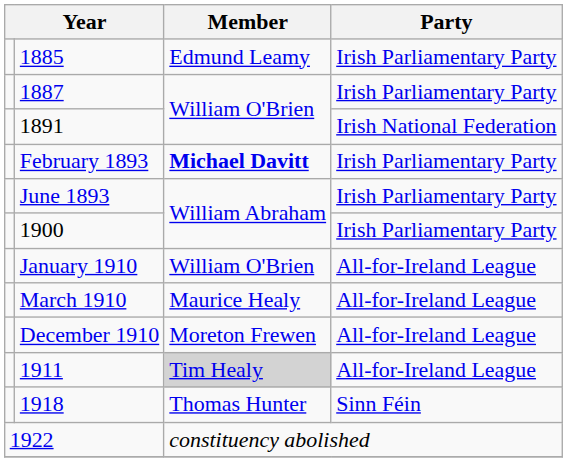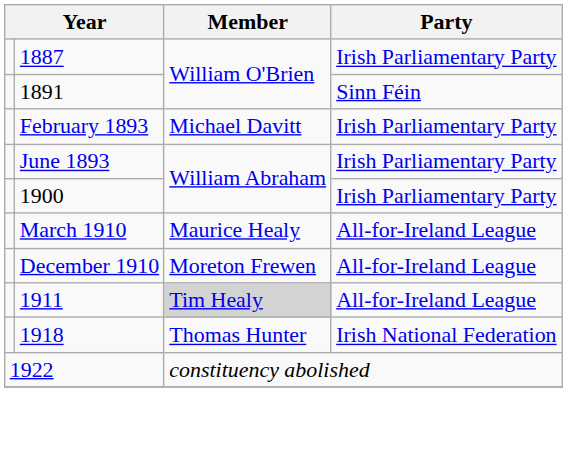 <table class="wikitable">
 <tr>
 <th colspan=2>Year</th>
 <th>Member</th>
 <th>Party</th>
-</tr>
-<tr>
-<td style="color:inherit;background-color: "></td>
-<td><a href='#'>1885</a></td>
-<td><a href='#'>Edmund Leamy</a></td>
-<td><a href='#'>Irish Parliamentary Party</a></td>
 </tr>
 <tr>
 <td style="color:inherit;background-color: "></td>
 <td><a href='#'>1887</a></td>
 <td rowspan="2"><a href='#'>William O'Brien</a></td>
 <td><a href='#'>Irish Parliamentary Party</a></td>
 </tr>
 <tr>
 <td style="color:inherit;background-color: "></td>
 <td>1891</td>
-<td><a href='#'>Irish National Federation</a></td>
+<td><a href='#'>Sinn Féin</a></td>
 </tr>
 <tr>
 <td style="color:inherit;background-color: "></td>
 <td><a href='#'>February 1893</a></td>
-<td><strong><a href='#'>Michael Davitt</a></strong></td>
+<td><a href='#'>Michael Davitt</a></td>
 <td><a href='#'>Irish Parliamentary Party</a></td>
 </tr>
 <tr>
 <td style="color:inherit;background-color: "></td>
 <td><a href='#'>June 1893</a></td>
 <td rowspan="2"><a href='#'>William Abraham</a></td>
 <td><a href='#'>Irish Parliamentary Party</a></td>
 </tr>
 <tr>
 <td style="color:inherit;background-color: "></td>
 <td>1900</td>
 <td><a href='#'>Irish Parliamentary Party</a></td>
-</tr>
-<tr>
-<td style="color:inherit;background-color: "></td>
-<td><a href='#'>January 1910</a></td>
-<td><a href='#'>William O'Brien</a></td>
-<td><a href='#'>All-for-Ireland League</a></td>
 </tr>
 <tr>
 <td style="color:inherit;background-color: "></td>
 <td><a href='#'>March 1910</a></td>
 <td><a href='#'>Maurice Healy</a></td>
 <td><a href='#'>All-for-Ireland League</a></td>
 </tr>
 <tr>
 <td style="color:inherit;background-color: "></td>
 <td><a href='#'>December 1910</a></td>
 <td><a href='#'>Moreton Frewen</a></td>
 <td><a href='#'>All-for-Ireland League</a></td>
 </tr>
 <tr>
 <td style="color:inherit;background-color: "></td>
 <td><a href='#'>1911</a></td>
 <td style="background: lightgrey;"><a href='#'>Tim Healy</a></td>
 <td><a href='#'>All-for-Ireland League</a></td>
 </tr>
 <tr>
 <td style="color:inherit;background-color: "></td>
 <td><a href='#'>1918</a></td>
 <td><a href='#'>Thomas Hunter</a></td>
-<td><a href='#'>Sinn Féin</a></td>
+<td><a href='#'>Irish National Federation</a></td>
 </tr>
 <tr>
 <td colspan="2"><a href='#'>1922</a></td>
 <td colspan="2"><em>constituency abolished</em></td>
 </tr>
 <tr>
 </tr>
 </table>
